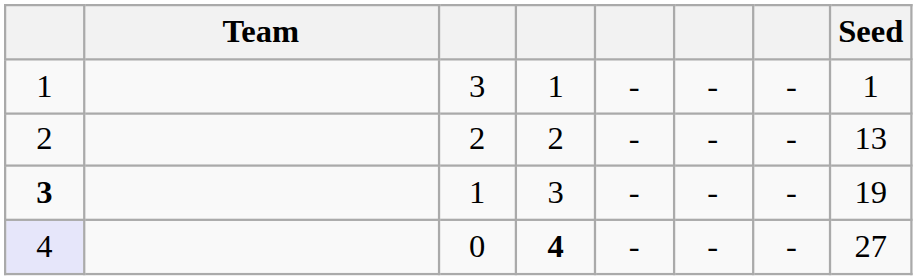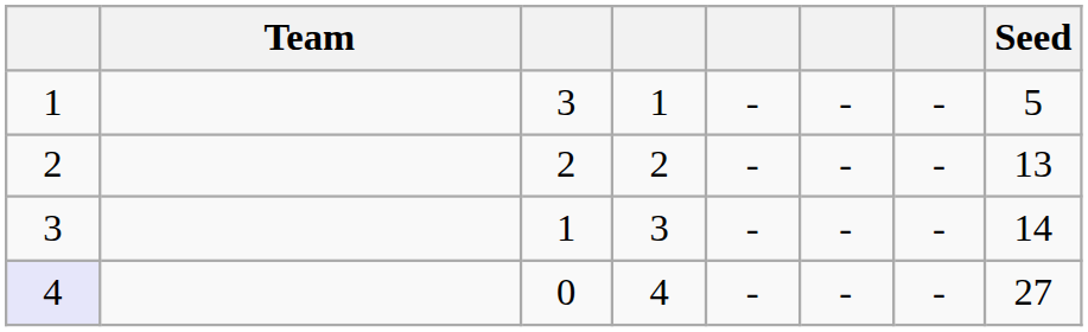 <table class="wikitable" style="text-align:center;font-size: 90%;">
 <tr>
 <th width="28px"></th>
 <th width="150px">Team</th>
 <th width="28px"></th>
 <th width="28px"></th>
 <th width="28px"></th>
 <th width="28px"></th>
 <th width="28px"></th>
 <th width="28px">Seed</th>
 </tr>
 <tr>
 <td>1</td>
 <td style="text-align:left;"></td>
 <td>3</td>
 <td>1</td>
 <td>-</td>
 <td>-</td>
 <td>-</td>
-<td>1</td>
+<td>5</td>
 </tr>
 <tr>
 <td>2</td>
 <td style="text-align:left;"></td>
 <td>2</td>
 <td>2</td>
 <td>-</td>
 <td>-</td>
 <td>-</td>
 <td>13</td>
 </tr>
 <tr>
-<td><strong>3</strong></td>
+<td>3</td>
 <td style="text-align:left;"></td>
 <td>1</td>
 <td>3</td>
 <td>-</td>
 <td>-</td>
 <td>-</td>
-<td>19</td>
+<td>14</td>
 </tr>
 <tr>
 <td style="background: lavender;">4</td>
 <td style="text-align:left;"></td>
 <td>0</td>
-<td><strong>4</strong></td>
+<td>4</td>
 <td>-</td>
 <td>-</td>
 <td>-</td>
 <td>27</td>
 </tr>
 </table>
